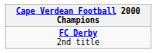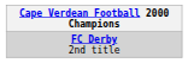 <table class="wikitable" style="margin: 0 auto; width: 240px;">
 <tr>
 <th><a href='#'>Cape Verdean Football</a> 2000<br>Champions</th>
 </tr>
 <tr>
-<td align=center><strong><a href='#'>FC Derby</a></strong><br>2nd title</td>
+<td align=center style="background: lightgrey;"><strong><a href='#'>FC Derby</a></strong><br>2nd title</td>
 </tr>
 </table>
